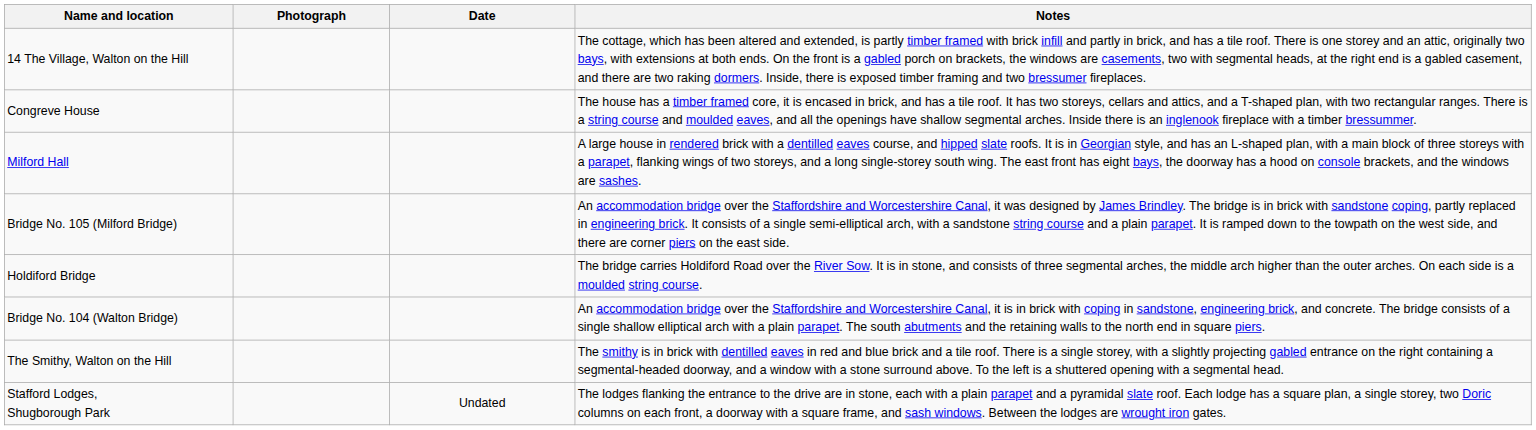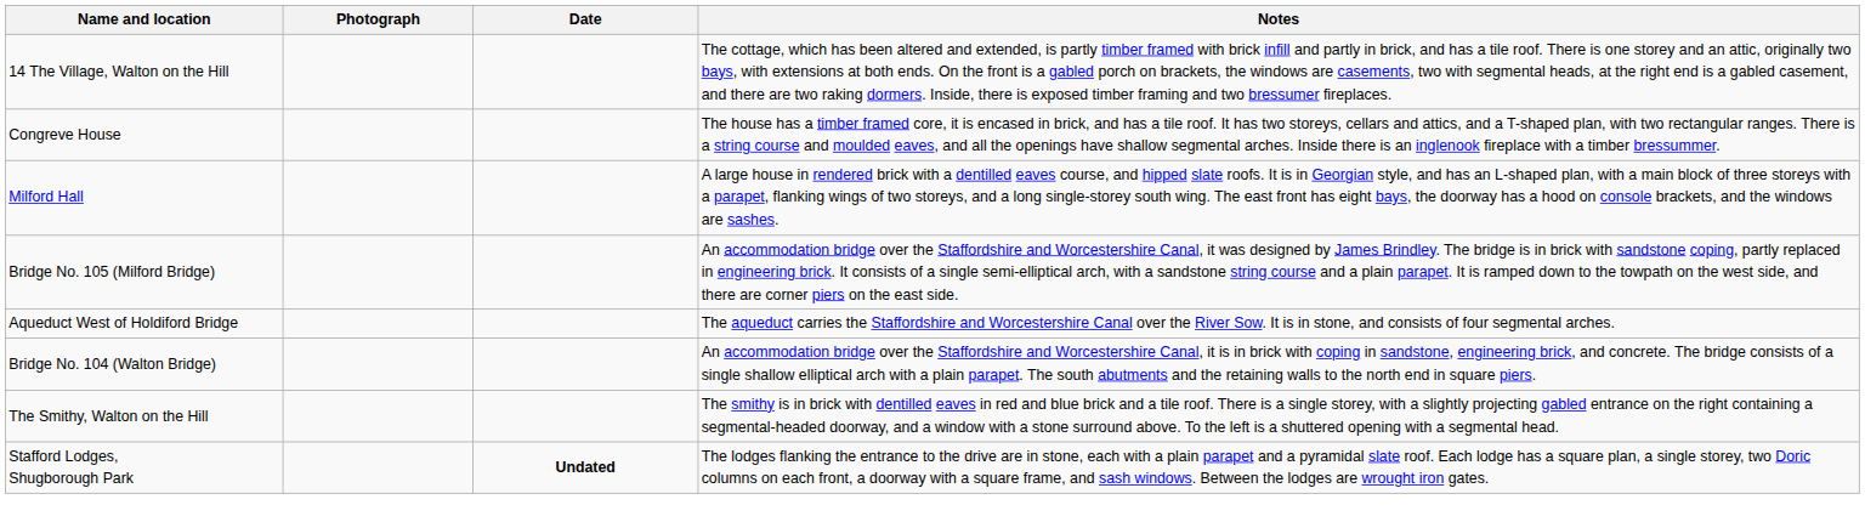 <table class="wikitable sortable plainrowheaders" style="width:100%;border:0px;text-align:left;line-height:150%;">
 <tr>
 <th scope="col"  style="width:150px">Name and location</th>
 <th scope="col"  style="width:100px" class="unsortable">Photograph</th>
 <th scope="col"  style="width:120px">Date</th>
 <th scope="col"  style="width:650px" class="unsortable">Notes</th>
 </tr>
 <tr>
 <td>14 The Village, Walton on the Hill<br><small></small></td>
 <td></td>
 <td align="center"></td>
 <td>The cottage, which has been altered and extended, is partly <a href='#'>timber framed</a> with brick <a href='#'>infill</a> and partly in brick, and has a tile roof.  There is one storey and an attic, originally two <a href='#'>bays</a>, with extensions at both ends.  On the front is a <a href='#'>gabled</a> porch on brackets, the windows are <a href='#'>casements</a>, two with segmental heads, at the right end is a gabled casement, and there are two raking <a href='#'>dormers</a>.  Inside, there is exposed timber framing and two <a href='#'>bressumer</a> fireplaces.</td>
 </tr>
 <tr>
 <td>Congreve House<br><small></small></td>
 <td></td>
 <td align="center"></td>
 <td>The house has a <a href='#'>timber framed</a> core, it is encased in brick, and has a tile roof. It has two storeys, cellars and attics, and a T-shaped plan, with two rectangular ranges. There is a <a href='#'>string course</a> and <a href='#'>moulded</a> <a href='#'>eaves</a>, and all the openings have shallow segmental arches. Inside there is an <a href='#'>inglenook</a> fireplace with a timber <a href='#'>bressummer</a>.</td>
 </tr>
 <tr>
 <td><a href='#'>Milford Hall</a><br><small></small></td>
 <td></td>
 <td align="center"></td>
 <td>A large house in <a href='#'>rendered</a> brick with a <a href='#'>dentilled</a> <a href='#'>eaves</a> course, and <a href='#'>hipped</a> <a href='#'>slate</a> roofs.  It is in <a href='#'>Georgian</a> style, and has an L-shaped plan, with a main block of three storeys with a <a href='#'>parapet</a>, flanking wings of two storeys, and a long single-storey south wing.  The east front has eight <a href='#'>bays</a>, the doorway has a hood on <a href='#'>console</a> brackets, and the windows are <a href='#'>sashes</a>.</td>
 </tr>
 <tr>
 <td>Bridge No. 105 (Milford Bridge)<br><small></small></td>
 <td></td>
 <td align="center"></td>
 <td>An <a href='#'>accommodation bridge</a> over the <a href='#'>Staffordshire and Worcestershire Canal</a>, it was designed by <a href='#'>James Brindley</a>.  The bridge is in brick with <a href='#'>sandstone</a> <a href='#'>coping</a>, partly replaced in <a href='#'>engineering brick</a>.  It consists of a single semi-elliptical arch, with a sandstone <a href='#'>string course</a> and a plain <a href='#'>parapet</a>.  It is ramped down to the towpath on the west side, and there are corner <a href='#'>piers</a> on the east side.</td>
 </tr>
 <tr>
-<td>Holdiford Bridge<br><small></small></td>
+<td>Aqueduct West of Holdiford Bridge<br><small></small></td>
 <td></td>
 <td align="center"></td>
-<td>The bridge carries Holdiford Road over the <a href='#'>River Sow</a>.  It is in stone, and consists of three segmental arches, the middle arch higher than the outer arches.  On each side is a <a href='#'>moulded</a> <a href='#'>string course</a>.</td>
+<td>The <a href='#'>aqueduct</a> carries the <a href='#'>Staffordshire and Worcestershire Canal</a> over the <a href='#'>River Sow</a>.  It is in stone, and consists of four segmental arches.</td>
 </tr>
 <tr>
 <td>Bridge No. 104 (Walton Bridge)<br><small></small></td>
 <td></td>
 <td align="center"></td>
 <td>An <a href='#'>accommodation bridge</a> over the <a href='#'>Staffordshire and Worcestershire Canal</a>, it is in brick with <a href='#'>coping</a> in <a href='#'>sandstone</a>, <a href='#'>engineering brick</a>, and concrete.  The bridge consists of a single shallow elliptical arch with a plain <a href='#'>parapet</a>.  The south <a href='#'>abutments</a> and the retaining walls to the north end in square <a href='#'>piers</a>.</td>
 </tr>
 <tr>
 <td>The Smithy, Walton on the Hill<br><small></small></td>
 <td></td>
 <td align="center"></td>
 <td>The <a href='#'>smithy</a> is in brick with <a href='#'>dentilled</a> <a href='#'>eaves</a> in red and blue brick and a tile roof. There is a single storey, with a slightly projecting <a href='#'>gabled</a> entrance on the right containing a segmental-headed doorway, and a window with a stone surround above.  To the left is a shuttered opening with a segmental head.</td>
 </tr>
 <tr>
 <td>Stafford Lodges,<br>Shugborough Park<br><small></small></td>
 <td></td>
-<td align="center">Undated</td>
+<td align="center"><strong>Undated</strong></td>
 <td>The lodges flanking the entrance to the drive are in stone, each with a plain <a href='#'>parapet</a> and a pyramidal <a href='#'>slate</a> roof.  Each lodge has a square plan, a single storey, two <a href='#'>Doric</a> columns on each front, a doorway with a square frame, and <a href='#'>sash windows</a>.  Between the lodges are <a href='#'>wrought iron</a> gates.</td>
 </tr>
 <tr>
 </tr>
 </table>
